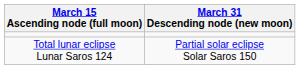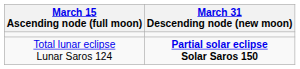 <table class="wikitable">
 <tr>
 <th><a href='#'>March 15</a><br>Ascending node (full moon)<br></th>
 <th><a href='#'>March 31</a><br>Descending node (new moon)<br></th>
 </tr>
 <tr>
 <td></td>
 <td></td>
 </tr>
 <tr align=center>
 <td><a href='#'>Total lunar eclipse</a><br>Lunar Saros 124</td>
-<td><a href='#'>Partial solar eclipse</a><br>Solar Saros 150</td>
+<td><strong><a href='#'>Partial solar eclipse</a><br>Solar Saros 150</strong></td>
 </tr>
 </table>
